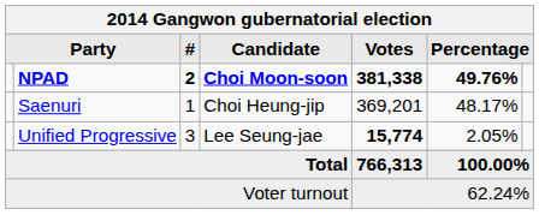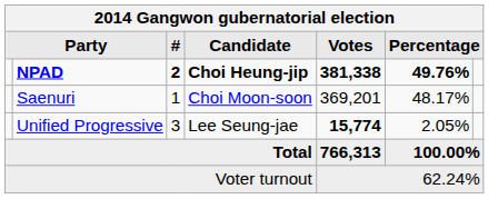 <table class="wikitable">
 <tr>
 <th colspan="7">2014 Gangwon gubernatorial election</th>
 </tr>
 <tr>
 <th style="background-color:#E9E9E9" colspan=2>Party</th>
 <th style="background-color:#E9E9E9">#</th>
 <th style="background-color:#E9E9E9">Candidate</th>
 <th style="background-color:#E9E9E9">Votes</th>
 <th style="background-color:#E9E9E9" colspan=2>Percentage</th>
 </tr>
 <tr style="font-weight:bold">
 <td></td>
 <td align=left><a href='#'>NPAD</a></td>
 <td align=center>2</td>
-<td align=left><a href='#'>Choi Moon-soon</a></td>
+<td align=left>Choi Heung-jip</td>
 <td align=right>381,338</td>
 <td align=right>49.76%</td>
 <td align=right></td>
 </tr>
 <tr>
 <td></td>
 <td align=left><a href='#'>Saenuri</a></td>
 <td align=center>1</td>
-<td align=left>Choi Heung-jip</td>
+<td align=left><a href='#'>Choi Moon-soon</a></td>
 <td align=right>369,201</td>
 <td align=right>48.17%</td>
 <td align=right></td>
 </tr>
 <tr>
 <td></td>
 <td align=left><a href='#'>Unified Progressive</a></td>
 <td align=center>3</td>
 <td align=left>Lee Seung-jae</td>
 <td align=right><strong>15,774</strong></td>
 <td align=right>2.05%</td>
 <td align=right></td>
 </tr>
 <tr bgcolor="#EEEEEE" style="font-weight:bold">
 <td colspan="4" align=right>Total</td>
 <td align=right>766,313</td>
 <td align=right colspan=2>100.00%</td>
 </tr>
 <tr bgcolor="#EEEEEE">
 <td colspan="4" align="right">Voter turnout</td>
 <td colspan="3" align="right">62.24%</td>
 </tr>
 </table>
